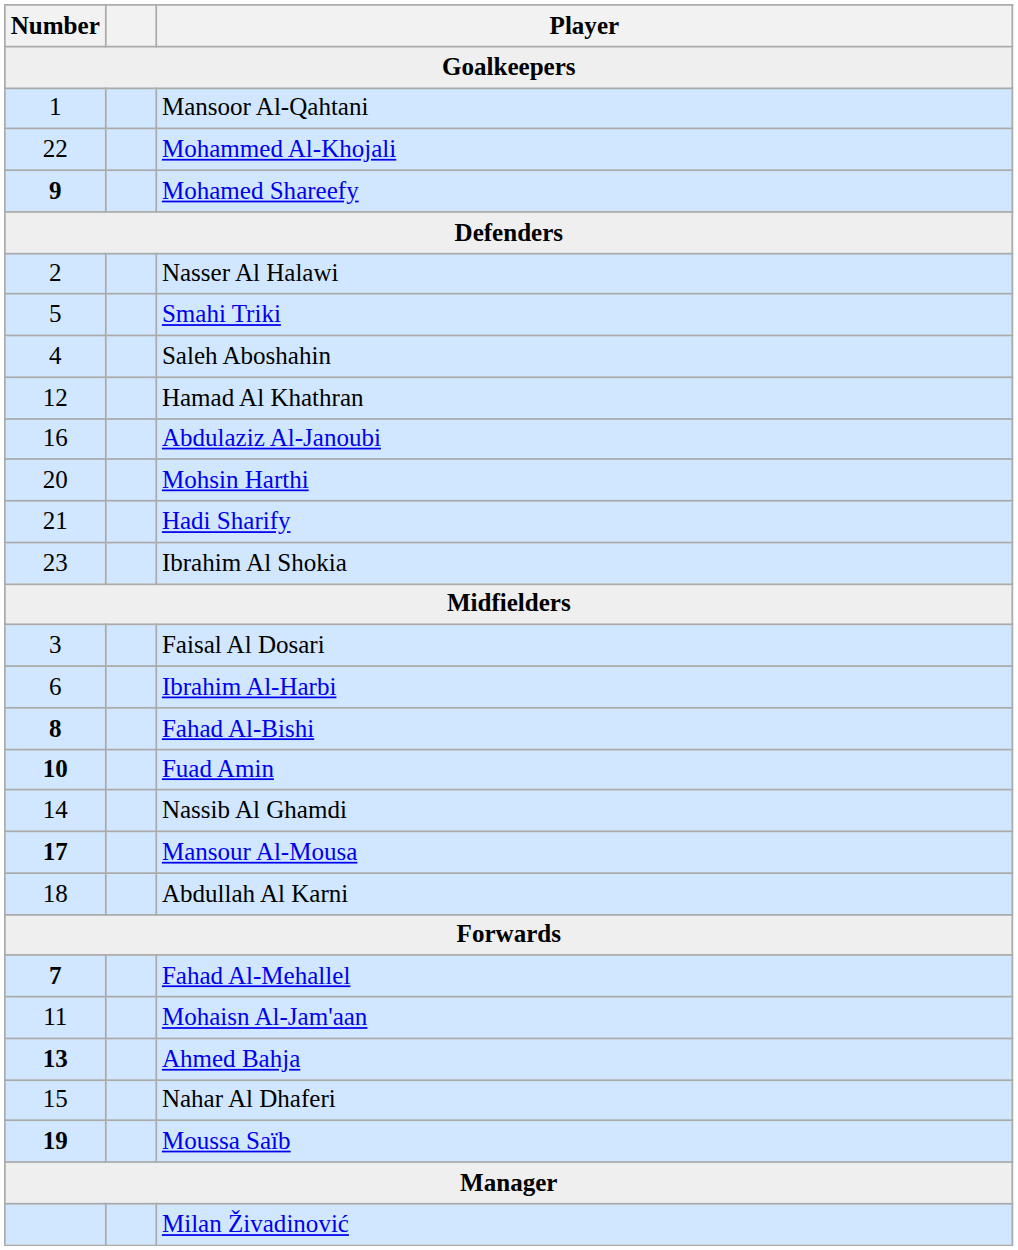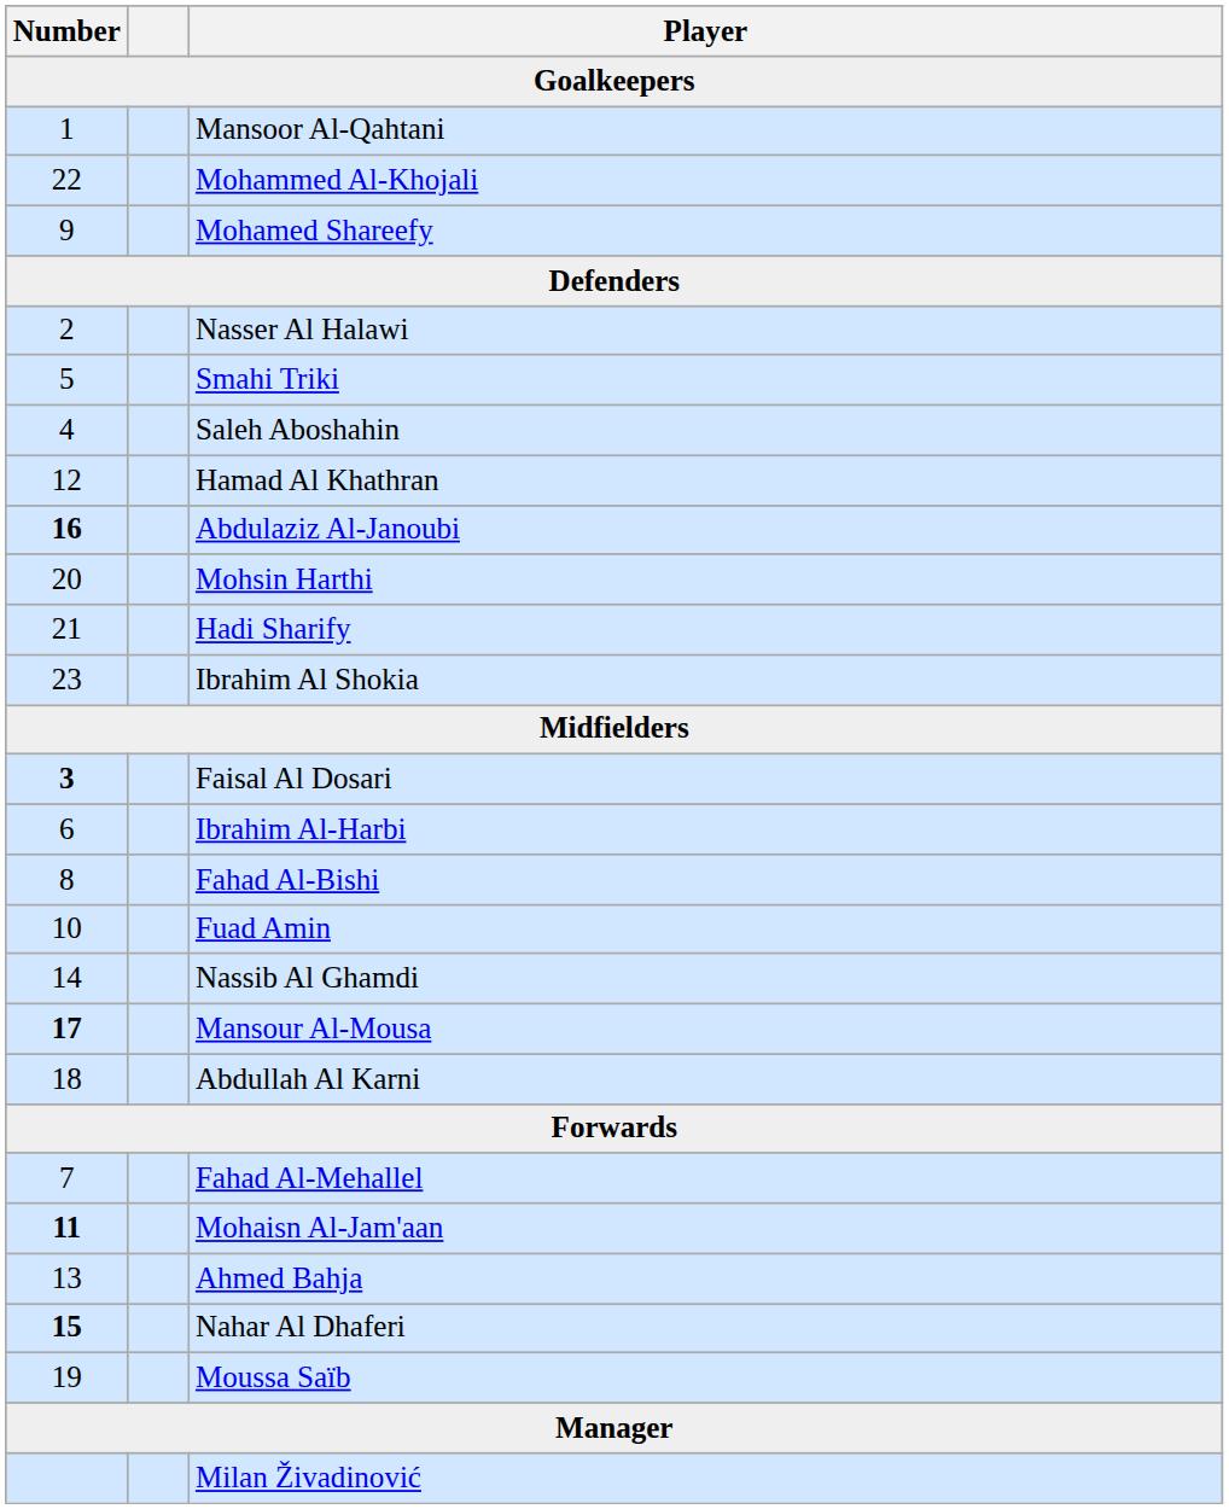 <table class="wikitable mw-collapsible mw-collapsed" align=center cellspacing="0" cellpadding="20" style="border:1px solid #AAAAAA;font-size:90%">
 <tr>
 <th width=10%>Number</th>
 <th width=5%></th>
 <th !width=20%>Player</th>
 </tr>
 <tr>
 <th colspan=6 style="background:#EFEFEF">Goalkeepers</th>
 </tr>
 <tr style="background:#D0E7FF">
 <td style="text-align:center"center>1</td>
 <td style="text-align:center"></td>
 <td>Mansoor Al-Qahtani</td>
 </tr>
 <tr style="background:#D0E7FF">
 <td style="text-align:center">22</td>
 <td style="text-align:center"></td>
 <td><a href='#'>Mohammed Al-Khojali</a></td>
 </tr>
 <tr style="background:#D0E7FF">
-<td style="text-align:center"><strong>9</strong></td>
+<td style="text-align:center">9</td>
 <td style="text-align:center"></td>
 <td><a href='#'>Mohamed Shareefy</a></td>
 </tr>
 <tr>
 <th colspan=6 style="background:#EFEFEF">Defenders</th>
 </tr>
 <tr style="background:#D0E7FF">
 <td style="text-align:center">2</td>
 <td style="text-align:center"></td>
 <td>Nasser Al Halawi</td>
 </tr>
 <tr style="background:#D0E7FF">
 <td style="text-align:center">5</td>
 <td style="text-align:center"></td>
 <td><a href='#'>Smahi Triki</a></td>
 </tr>
 <tr style="background:#D0E7FF">
 <td style="text-align:center">4</td>
 <td style="text-align:center"></td>
 <td>Saleh Aboshahin</td>
 </tr>
 <tr style="background:#D0E7FF">
 <td style="text-align:center">12</td>
 <td style="text-align:center"></td>
 <td>Hamad Al Khathran</td>
 </tr>
 <tr style="background:#D0E7FF">
-<td style="text-align:center">16</td>
+<td style="text-align:center"><strong>16</strong></td>
 <td style="text-align:center"></td>
 <td><a href='#'>Abdulaziz Al-Janoubi</a></td>
 </tr>
 <tr style="background:#D0E7FF">
 <td style="text-align:center">20</td>
 <td style="text-align:center"></td>
 <td><a href='#'>Mohsin Harthi</a></td>
 </tr>
 <tr style="background:#D0E7FF">
 <td style="text-align:center">21</td>
 <td style="text-align:center"></td>
 <td><a href='#'>Hadi Sharify</a></td>
 </tr>
 <tr style="background:#D0E7FF">
 <td style="text-align:center">23</td>
 <td style="text-align:center"></td>
 <td>Ibrahim Al Shokia</td>
 </tr>
 <tr>
 <th colspan=6 style="background:#EFEFEF">Midfielders</th>
 </tr>
 <tr style="background:#D0E7FF">
-<td style="text-align:center">3</td>
+<td style="text-align:center"><strong>3</strong></td>
 <td style="text-align:center"></td>
 <td>Faisal Al Dosari</td>
 </tr>
 <tr style="background:#D0E7FF">
 <td style="text-align:center">6</td>
 <td style="text-align:center"></td>
 <td><a href='#'>Ibrahim Al-Harbi</a></td>
 </tr>
 <tr style="background:#D0E7FF">
-<td style="text-align:center"><strong>8</strong></td>
+<td style="text-align:center">8</td>
 <td style="text-align:center"></td>
 <td><a href='#'>Fahad Al-Bishi</a></td>
 </tr>
 <tr style="background:#D0E7FF">
-<td style="text-align:center"><strong>10</strong></td>
+<td style="text-align:center">10</td>
 <td style="text-align:center"></td>
 <td><a href='#'>Fuad Amin</a></td>
 </tr>
 <tr style="background:#D0E7FF">
 <td style="text-align:center">14</td>
 <td style="text-align:center"></td>
 <td>Nassib Al Ghamdi</td>
 </tr>
 <tr style="background:#D0E7FF">
 <td style="text-align:center"><strong>17</strong></td>
 <td style="text-align:center"></td>
 <td><a href='#'>Mansour Al-Mousa</a></td>
 </tr>
 <tr style="background:#D0E7FF">
 <td style="text-align:center">18</td>
 <td style="text-align:center"></td>
 <td>Abdullah Al Karni</td>
 </tr>
 <tr>
 <th colspan=6 style="background:#EFEFEF">Forwards</th>
 </tr>
 <tr style="background:#D0E7FF">
-<td style="text-align:center"><strong>7</strong></td>
+<td style="text-align:center">7</td>
 <td style="text-align:center"></td>
 <td><a href='#'>Fahad Al-Mehallel</a></td>
 </tr>
 <tr style="background:#D0E7FF">
-<td style="text-align:center">11</td>
+<td style="text-align:center"><strong>11</strong></td>
 <td style="text-align:center"></td>
 <td><a href='#'>Mohaisn Al-Jam'aan</a></td>
 </tr>
 <tr style="background:#D0E7FF">
-<td style="text-align:center"><strong>13</strong></td>
+<td style="text-align:center">13</td>
 <td style="text-align:center"></td>
 <td><a href='#'>Ahmed Bahja</a></td>
 </tr>
 <tr style="background:#D0E7FF">
-<td style="text-align:center">15</td>
+<td style="text-align:center"><strong>15</strong></td>
 <td style="text-align:center"></td>
 <td>Nahar Al Dhaferi</td>
 </tr>
 <tr style="background:#D0E7FF">
-<td style="text-align:center"><strong>19</strong></td>
+<td style="text-align:center">19</td>
 <td style="text-align:center"></td>
 <td><a href='#'>Moussa Saïb</a></td>
 </tr>
 <tr>
 <th colspan=6 style="background:#EFEFEF">Manager</th>
 </tr>
 <tr style="background:#D0E7FF">
 <td style="text-align:center"> </td>
 <td style="text-align:center"></td>
 <td><a href='#'>Milan Živadinović</a></td>
 </tr>
 </table>
